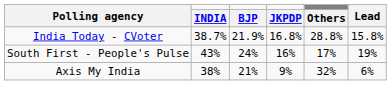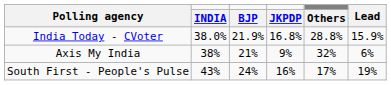 <table class="wikitable" style="text-align: center;">
 <tr>
 <th rowspan="2">Polling agency</th>
 <td colspan="1"></td>
 <td colspan="1"></td>
 <td colspan="1"></td>
 <td colspan="1" style="background:gray;"></td>
 <th rowspan="2">Lead</th>
 </tr>
 <tr>
 <th><a href='#'>INDIA</a></th>
 <th><a href='#'>BJP</a></th>
 <th><a href='#'>JKPDP</a></th>
 <th>Others</th>
 </tr>
 <tr>
 <td><a href='#'>India Today</a> - <a href='#'>CVoter</a></td>
-<td>38.7%</td>
+<td>38.0%</td>
 <td>21.9%</td>
 <td>16.8%</td>
 <td>28.8%</td>
-<td>15.8%</td>
+<td>15.9%</td>
+</tr>
+<tr>
+<td>Axis My India</td>
+<td>38%</td>
+<td>21%</td>
+<td>9%</td>
+<td>32%</td>
+<td>6%</td>
 </tr>
 <tr>
 <td>South First - People's Pulse</td>
 <td>43%</td>
 <td>24%</td>
 <td>16%</td>
 <td>17%</td>
 <td>19%</td>
 </tr>
-<tr>
-<td>Axis My India</td>
-<td>38%</td>
-<td>21%</td>
-<td>9%</td>
-<td>32%</td>
-<td>6%</td>
-</tr>
 </table>
